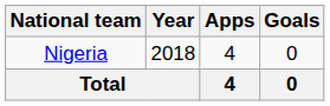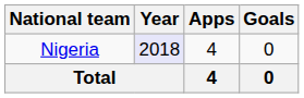 <table class="wikitable" style="text-align:center">
 <tr>
 <th>National team</th>
 <th>Year</th>
 <th>Apps</th>
 <th>Goals</th>
 </tr>
 <tr>
 <td><a href='#'>Nigeria</a></td>
-<td>2018</td>
+<td style="background: lavender;">2018</td>
 <td>4</td>
 <td>0</td>
 </tr>
 <tr>
 <th colspan="2">Total</th>
 <th>4</th>
 <th>0</th>
 </tr>
 </table>
